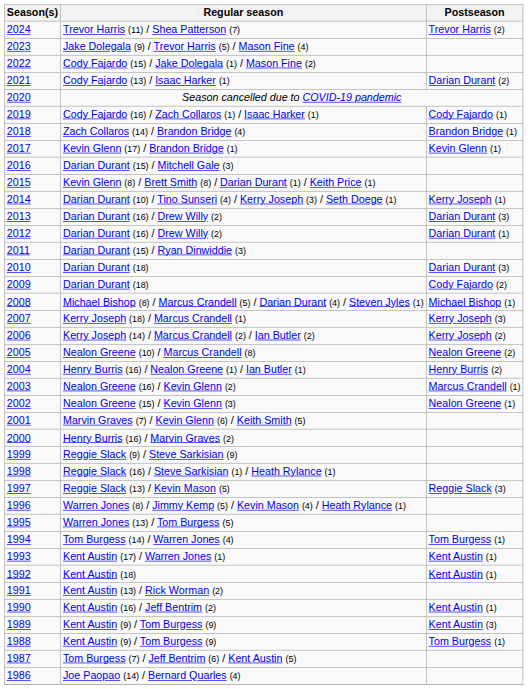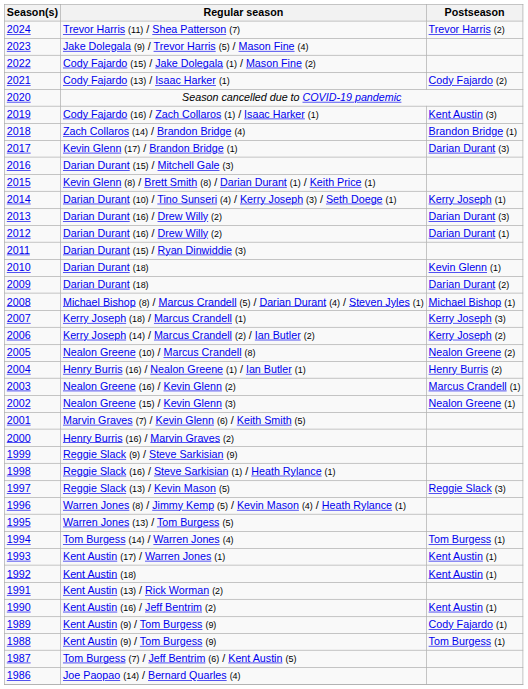 <table class="wikitable sortable">
 <tr>
 <th>Season(s)</th>
 <th>Regular season</th>
 <th>Postseason</th>
 </tr>
 <tr>
 <td align=left><a href='#'>2024</a></td>
 <td align=left><a href='#'>Trevor Harris</a> <small>(11)</small> / <a href='#'>Shea Patterson</a> <small>(7)</small></td>
 <td><a href='#'>Trevor Harris</a> <small>(2)</small></td>
 </tr>
 <tr>
 <td align=left><a href='#'>2023</a></td>
 <td align=left><a href='#'>Jake Dolegala</a> <small>(9)</small> / <a href='#'>Trevor Harris</a> <small>(5)</small> / <a href='#'>Mason Fine</a> <small>(4)</small></td>
 <td></td>
 </tr>
 <tr>
 <td align=left><a href='#'>2022</a></td>
 <td align=left><a href='#'>Cody Fajardo</a> <small>(15)</small> / <a href='#'>Jake Dolegala</a> <small>(1)</small> / <a href='#'>Mason Fine</a> <small>(2)</small></td>
 <td></td>
 </tr>
 <tr>
 <td align=left><a href='#'>2021</a></td>
 <td align=left><a href='#'>Cody Fajardo</a> <small>(13)</small> / <a href='#'>Isaac Harker</a> <small>(1)</small></td>
-<td align=left><a href='#'>Darian Durant</a> <small>(2)</small></td>
+<td align=left><a href='#'>Cody Fajardo</a> <small>(2)</small></td>
 </tr>
 <tr>
 <td><a href='#'>2020</a></td>
 <td align="center" colSpan="2"><em>Season cancelled due to <a href='#'>COVID-19 pandemic</a></em></td>
 </tr>
 <tr>
 <td align=left><a href='#'>2019</a></td>
 <td align=left><a href='#'>Cody Fajardo</a> <small>(16)</small> / <a href='#'>Zach Collaros</a> <small>(1)</small> / <a href='#'>Isaac Harker</a> <small>(1)</small></td>
-<td align=left><a href='#'>Cody Fajardo</a> <small>(1)</small></td>
+<td><a href='#'>Kent Austin</a> <small>(3)</small></td>
 </tr>
 <tr>
 <td align=left><a href='#'>2018</a></td>
 <td align=left><a href='#'>Zach Collaros</a> <small>(14)</small> / <a href='#'>Brandon Bridge</a> <small>(4)</small></td>
 <td align=left><a href='#'>Brandon Bridge</a> <small>(1)</small></td>
 </tr>
 <tr>
 <td align=left><a href='#'>2017</a></td>
 <td align=left><a href='#'>Kevin Glenn</a> <small>(17)</small> / <a href='#'>Brandon Bridge</a> <small>(1)</small></td>
-<td align=left><a href='#'>Kevin Glenn</a> <small>(1)</small></td>
+<td align=left><a href='#'>Darian Durant</a> <small>(3)</small></td>
 </tr>
 <tr>
 <td align=left><a href='#'>2016</a></td>
 <td align=left><a href='#'>Darian Durant</a> <small>(15)</small> / <a href='#'>Mitchell Gale</a> <small>(3)</small></td>
 <td></td>
 </tr>
 <tr>
 <td align=left><a href='#'>2015</a></td>
 <td align=left><a href='#'>Kevin Glenn</a> <small>(8)</small> / <a href='#'>Brett Smith</a> <small>(8)</small> / <a href='#'>Darian Durant</a> <small>(1)</small> / <a href='#'>Keith Price</a> <small>(1)</small></td>
 <td></td>
 </tr>
 <tr>
 <td align=left><a href='#'>2014</a></td>
 <td align=left><a href='#'>Darian Durant</a> <small>(10)</small> / <a href='#'>Tino Sunseri</a> <small>(4)</small> / <a href='#'>Kerry Joseph</a> <small>(3)</small> / <a href='#'>Seth Doege</a> <small>(1)</small></td>
 <td align=left><a href='#'>Kerry Joseph</a> <small>(1)</small></td>
 </tr>
 <tr>
 <td align=left><a href='#'>2013</a></td>
 <td align=left><a href='#'>Darian Durant</a> <small>(16)</small> / <a href='#'>Drew Willy</a> <small>(2)</small></td>
 <td align=left><a href='#'>Darian Durant</a> <small>(3)</small></td>
 </tr>
 <tr>
 <td align=left><a href='#'>2012</a></td>
 <td align=left><a href='#'>Darian Durant</a> <small>(16)</small> / <a href='#'>Drew Willy</a> <small>(2)</small></td>
 <td align=left><a href='#'>Darian Durant</a> <small>(1)</small></td>
 </tr>
 <tr>
 <td align=left><a href='#'>2011</a></td>
 <td align=left><a href='#'>Darian Durant</a> <small>(15)</small> / <a href='#'>Ryan Dinwiddie</a> <small>(3)</small></td>
 <td></td>
 </tr>
 <tr>
 <td align=left><a href='#'>2010</a></td>
 <td align=left><a href='#'>Darian Durant</a> <small>(18)</small></td>
-<td align=left><a href='#'>Darian Durant</a> <small>(3)</small></td>
+<td align=left><a href='#'>Kevin Glenn</a> <small>(1)</small></td>
 </tr>
 <tr>
 <td align=left><a href='#'>2009</a></td>
 <td align=left><a href='#'>Darian Durant</a> <small>(18)</small></td>
-<td align=left><a href='#'>Cody Fajardo</a> <small>(2)</small></td>
+<td align=left><a href='#'>Darian Durant</a> <small>(2)</small></td>
 </tr>
 <tr>
 <td align=left><a href='#'>2008</a></td>
 <td align=left><a href='#'>Michael Bishop</a> <small>(8)</small> / <a href='#'>Marcus Crandell</a> <small>(5)</small> / <a href='#'>Darian Durant</a> <small>(4)</small> / <a href='#'>Steven Jyles</a> <small>(1)</small></td>
 <td align=left><a href='#'>Michael Bishop</a> <small>(1)</small></td>
 </tr>
 <tr>
 <td align=left><a href='#'>2007</a></td>
 <td align=left><a href='#'>Kerry Joseph</a> <small>(18)</small> / <a href='#'>Marcus Crandell</a> <small>(1)</small></td>
 <td align=left><a href='#'>Kerry Joseph</a> <small>(3)</small></td>
 </tr>
 <tr>
 <td align=left><a href='#'>2006</a></td>
 <td align=left><a href='#'>Kerry Joseph</a> <small>(14)</small> / <a href='#'>Marcus Crandell</a> <small>(2)</small> / <a href='#'>Ian Butler</a> <small>(2)</small></td>
 <td align=left><a href='#'>Kerry Joseph</a> <small>(2)</small></td>
 </tr>
 <tr>
 <td align=left><a href='#'>2005</a></td>
 <td align=left><a href='#'>Nealon Greene</a> <small>(10)</small> / <a href='#'>Marcus Crandell</a> <small>(8)</small></td>
 <td align=left><a href='#'>Nealon Greene</a> <small>(2)</small></td>
 </tr>
 <tr>
 <td align=left><a href='#'>2004</a></td>
 <td align=left><a href='#'>Henry Burris</a> <small>(16)</small> / <a href='#'>Nealon Greene</a> <small>(1)</small> / <a href='#'>Ian Butler</a> <small>(1)</small></td>
 <td align=left><a href='#'>Henry Burris</a> <small>(2)</small></td>
 </tr>
 <tr>
 <td align=left><a href='#'>2003</a></td>
 <td align=left><a href='#'>Nealon Greene</a> <small>(16)</small> / <a href='#'>Kevin Glenn</a> <small>(2)</small></td>
 <td align=left><a href='#'>Marcus Crandell</a> <small>(1)</small></td>
 </tr>
 <tr>
 <td align=left><a href='#'>2002</a></td>
 <td align=left><a href='#'>Nealon Greene</a> <small>(15)</small> / <a href='#'>Kevin Glenn</a> <small>(3)</small></td>
 <td align=left><a href='#'>Nealon Greene</a> <small>(1)</small></td>
 </tr>
 <tr>
 <td align=left><a href='#'>2001</a></td>
 <td align=left><a href='#'>Marvin Graves</a> <small>(7)</small> / <a href='#'>Kevin Glenn</a> <small>(6)</small> / <a href='#'>Keith Smith</a> <small>(5)</small></td>
 <td></td>
 </tr>
 <tr>
 <td align=left><a href='#'>2000</a></td>
 <td align=left><a href='#'>Henry Burris</a> <small>(16)</small> / <a href='#'>Marvin Graves</a> <small>(2)</small></td>
 <td></td>
 </tr>
 <tr>
 <td align=left><a href='#'>1999</a></td>
 <td align=left><a href='#'>Reggie Slack</a> <small>(9)</small> / <a href='#'>Steve Sarkisian</a> <small>(9)</small></td>
 <td></td>
 </tr>
 <tr>
 <td align=left><a href='#'>1998</a></td>
 <td align=left><a href='#'>Reggie Slack</a> <small>(16)</small> / <a href='#'>Steve Sarkisian</a> <small>(1)</small> / <a href='#'>Heath Rylance</a> <small>(1)</small></td>
 <td></td>
 </tr>
 <tr>
 <td align=left><a href='#'>1997</a></td>
 <td align=left><a href='#'>Reggie Slack</a> <small>(13)</small> / <a href='#'>Kevin Mason</a> <small>(5)</small></td>
 <td align=left><a href='#'>Reggie Slack</a> <small>(3)</small></td>
 </tr>
 <tr>
 <td align=left><a href='#'>1996</a></td>
 <td align=left><a href='#'>Warren Jones</a> <small>(8)</small> / <a href='#'>Jimmy Kemp</a> <small>(5)</small> / <a href='#'>Kevin Mason</a> <small>(4)</small> / <a href='#'>Heath Rylance</a> <small>(1)</small></td>
 <td></td>
 </tr>
 <tr>
 <td align=left><a href='#'>1995</a></td>
 <td align=left><a href='#'>Warren Jones</a> <small>(13)</small> / <a href='#'>Tom Burgess</a> <small>(5)</small></td>
 <td></td>
 </tr>
 <tr>
 <td align=left><a href='#'>1994</a></td>
 <td align=left><a href='#'>Tom Burgess</a> <small>(14)</small> / <a href='#'>Warren Jones</a> <small>(4)</small></td>
 <td><a href='#'>Tom Burgess</a> <small>(1)</small></td>
 </tr>
 <tr>
 <td align=left><a href='#'>1993</a></td>
 <td align=left><a href='#'>Kent Austin</a> <small>(17)</small> / <a href='#'>Warren Jones</a> <small>(1)</small></td>
 <td><a href='#'>Kent Austin</a> <small>(1)</small></td>
 </tr>
 <tr>
 <td align=left><a href='#'>1992</a></td>
 <td align=left><a href='#'>Kent Austin</a> <small>(18)</small></td>
 <td><a href='#'>Kent Austin</a> <small>(1)</small></td>
 </tr>
 <tr>
 <td align=left><a href='#'>1991</a></td>
 <td align=left><a href='#'>Kent Austin</a> <small>(13)</small> / <a href='#'>Rick Worman</a> <small>(2)</small></td>
 <td></td>
 </tr>
 <tr>
 <td align=left><a href='#'>1990</a></td>
 <td align=left><a href='#'>Kent Austin</a> <small>(16)</small> / <a href='#'>Jeff Bentrim</a> <small>(2)</small></td>
 <td><a href='#'>Kent Austin</a> <small>(1)</small></td>
 </tr>
 <tr>
 <td align=left><a href='#'>1989</a></td>
 <td align=left><a href='#'>Kent Austin</a> <small>(9)</small> / <a href='#'>Tom Burgess</a> <small>(9)</small></td>
-<td><a href='#'>Kent Austin</a> <small>(3)</small></td>
+<td align=left><a href='#'>Cody Fajardo</a> <small>(1)</small></td>
 </tr>
 <tr>
 <td align=left><a href='#'>1988</a></td>
 <td align=left><a href='#'>Kent Austin</a> <small>(9)</small> / <a href='#'>Tom Burgess</a> <small>(9)</small></td>
 <td><a href='#'>Tom Burgess</a> <small>(1)</small></td>
 </tr>
 <tr>
 <td align=left><a href='#'>1987</a></td>
 <td align=left><a href='#'>Tom Burgess</a> <small>(7)</small> / <a href='#'>Jeff Bentrim</a> <small>(6)</small> / <a href='#'>Kent Austin</a> <small>(5)</small></td>
 <td></td>
 </tr>
 <tr>
 <td align=left><a href='#'>1986</a></td>
 <td align=left><a href='#'>Joe Paopao</a> <small>(14)</small> / <a href='#'>Bernard Quarles</a> <small>(4)</small></td>
 <td></td>
 </tr>
 <tr>
 </tr>
 </table>
